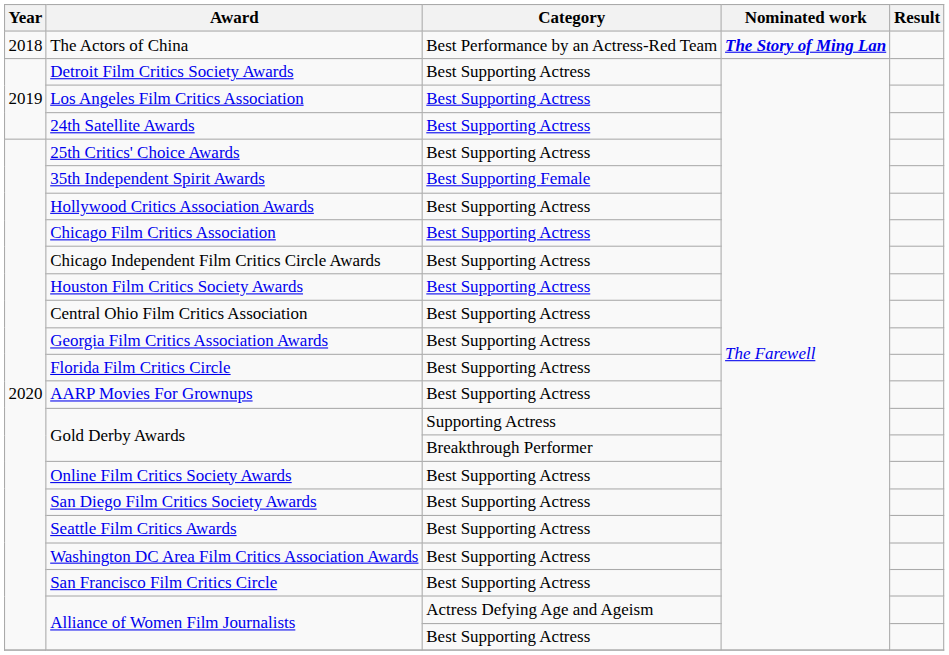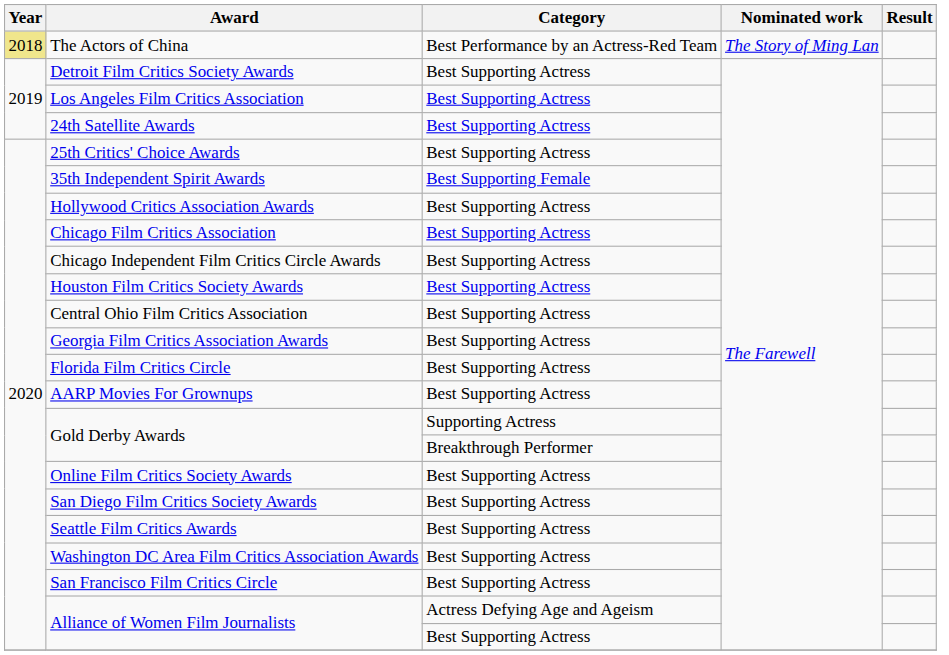 <table class="wikitable sortable">
 <tr>
 <th>Year</th>
 <th>Award</th>
 <th>Category</th>
 <th>Nominated work</th>
 <th>Result</th>
 </tr>
 <tr>
-<td>2018</td>
+<td style="background: khaki;">2018</td>
 <td>The Actors of China</td>
 <td>Best Performance by an Actress-Red Team</td>
-<td><strong><em><a href='#'>The Story of Ming Lan</a></em></strong></td>
+<td><em><a href='#'>The Story of Ming Lan</a></em></td>
 <td></td>
 </tr>
 <tr>
 <td rowspan="3">2019</td>
 <td><a href='#'>Detroit Film Critics Society Awards</a></td>
 <td>Best Supporting Actress</td>
 <td rowspan="22"><em><a href='#'>The Farewell</a></em></td>
 <td></td>
 </tr>
 <tr>
 <td><a href='#'>Los Angeles Film Critics Association</a></td>
 <td><a href='#'>Best Supporting Actress</a></td>
 <td></td>
 </tr>
 <tr>
 <td><a href='#'>24th Satellite Awards</a></td>
 <td><a href='#'>Best Supporting Actress</a></td>
 <td></td>
 </tr>
 <tr>
 <td rowspan="19">2020</td>
 <td><a href='#'>25th Critics' Choice Awards</a></td>
 <td>Best Supporting Actress</td>
 <td></td>
 </tr>
 <tr>
 <td><a href='#'>35th Independent Spirit Awards</a></td>
 <td><a href='#'>Best Supporting Female</a></td>
 <td></td>
 </tr>
 <tr>
 <td><a href='#'>Hollywood Critics Association Awards</a></td>
 <td>Best Supporting Actress</td>
 <td></td>
 </tr>
 <tr>
 <td><a href='#'>Chicago Film Critics Association</a></td>
 <td><a href='#'>Best Supporting Actress</a></td>
 <td></td>
 </tr>
 <tr>
 <td>Chicago Independent Film Critics Circle Awards</td>
 <td>Best Supporting Actress</td>
 <td></td>
 </tr>
 <tr>
 <td><a href='#'>Houston Film Critics Society Awards</a></td>
 <td><a href='#'>Best Supporting Actress</a></td>
 <td></td>
 </tr>
 <tr>
 <td>Central Ohio Film Critics Association</td>
 <td>Best Supporting Actress</td>
 <td></td>
 </tr>
 <tr>
 <td><a href='#'>Georgia Film Critics Association Awards</a></td>
 <td>Best Supporting Actress</td>
 <td></td>
 </tr>
 <tr>
 <td><a href='#'>Florida Film Critics Circle</a></td>
 <td>Best Supporting Actress</td>
 <td></td>
 </tr>
 <tr>
 <td><a href='#'>AARP Movies For Grownups</a></td>
 <td>Best Supporting Actress</td>
 <td></td>
 </tr>
 <tr>
 <td rowspan="2">Gold Derby Awards</td>
 <td>Supporting Actress</td>
 <td></td>
 </tr>
 <tr>
 <td>Breakthrough Performer</td>
 <td></td>
 </tr>
 <tr>
 <td><a href='#'>Online Film Critics Society Awards</a></td>
 <td>Best Supporting Actress</td>
 <td></td>
 </tr>
 <tr>
 <td><a href='#'>San Diego Film Critics Society Awards</a></td>
 <td>Best Supporting Actress</td>
 <td></td>
 </tr>
 <tr>
 <td><a href='#'>Seattle Film Critics Awards</a></td>
 <td>Best Supporting Actress</td>
 <td></td>
 </tr>
 <tr>
 <td><a href='#'>Washington DC Area Film Critics Association Awards</a></td>
 <td>Best Supporting Actress</td>
 <td></td>
 </tr>
 <tr>
 <td><a href='#'>San Francisco Film Critics Circle</a></td>
 <td>Best Supporting Actress</td>
 <td></td>
 </tr>
 <tr>
 <td rowspan="2"><a href='#'>Alliance of Women Film Journalists</a></td>
 <td>Actress Defying Age and Ageism</td>
 <td></td>
 </tr>
 <tr>
 <td>Best Supporting Actress</td>
 <td></td>
 </tr>
 <tr>
 </tr>
 </table>
